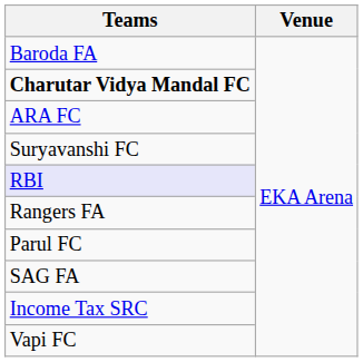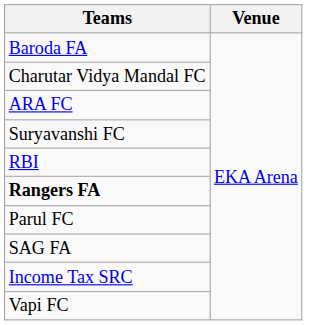 <table class=wikitable>
 <tr>
 <th>Teams</th>
 <th>Venue</th>
 </tr>
 <tr>
 <td><a href='#'>Baroda FA</a></td>
 <td rowspan=11><a href='#'>EKA Arena</a></td>
 </tr>
 <tr>
-<td><strong>Charutar Vidya Mandal FC</strong></td>
+<td>Charutar Vidya Mandal FC</td>
 </tr>
 <tr>
 <td><a href='#'>ARA FC</a></td>
 </tr>
 <tr>
 <td>Suryavanshi FC</td>
 </tr>
 <tr>
-<td style="background: lavender;"><a href='#'>RBI</a></td>
+<td><a href='#'>RBI</a></td>
 </tr>
 <tr>
-<td>Rangers FA</td>
+<td><strong>Rangers FA</strong></td>
 </tr>
 <tr>
 <td>Parul FC</td>
 </tr>
 <tr>
 <td>SAG FA</td>
 </tr>
 <tr>
 <td><a href='#'>Income Tax SRC</a></td>
 </tr>
 <tr>
 <td>Vapi FC</td>
 </tr>
 </table>
